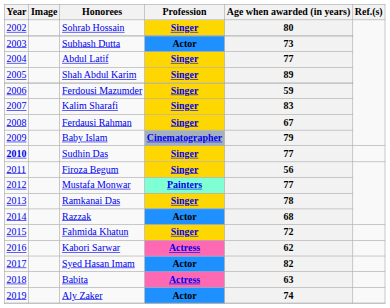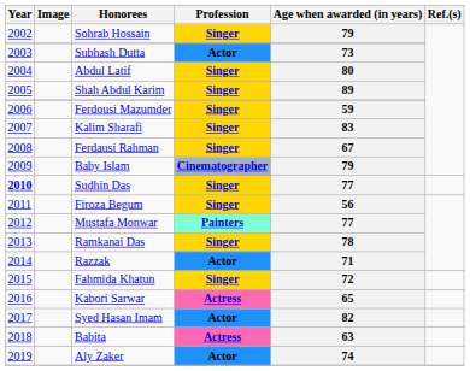 <table class="wikitable">
 <tr>
 <th>Year</th>
 <th>Image</th>
 <th>Honorees</th>
 <th>Profession</th>
 <th>Age when awarded (in years)</th>
 <th>Ref.(s)</th>
 </tr>
 <tr>
 <td><a href='#'>2002</a></td>
 <td></td>
 <td><a href='#'>Sohrab Hossain</a></td>
 <th style="background:Gold;"><a href='#'>Singer</a></th>
-<th align=center>80</th>
+<th align=center>79</th>
 </tr>
 <tr>
 </tr>
 <tr>
 <td><a href='#'>2003</a></td>
 <td></td>
 <td><a href='#'>Subhash Dutta</a></td>
 <th style="background:DodgerBlue;">Actor</th>
 <th align=center>73</th>
 </tr>
 <tr>
 <td><a href='#'>2004</a></td>
 <td></td>
 <td><a href='#'>Abdul Latif</a></td>
 <th style="background:Gold;"><a href='#'>Singer</a></th>
-<th align=center>77</th>
+<th align=center>80</th>
 </tr>
 <tr>
 <td><a href='#'>2005</a></td>
 <td></td>
 <td><a href='#'>Shah Abdul Karim</a></td>
 <th style="background:Gold;"><a href='#'>Singer</a></th>
 <th align=center>89</th>
 </tr>
 <tr>
 </tr>
 <tr>
 <td><a href='#'>2006</a></td>
 <td></td>
 <td><a href='#'>Ferdousi Mazumder</a></td>
 <th style="background:Gold;"><a href='#'>Singer</a></th>
 <th align=center>59</th>
 </tr>
 <tr>
 <td><a href='#'>2007</a></td>
 <td></td>
 <td><a href='#'>Kalim Sharafi</a></td>
 <th style="background:Gold;"><a href='#'>Singer</a></th>
 <th align=center>83</th>
 </tr>
 <tr>
 <td><a href='#'>2008</a></td>
 <td></td>
 <td><a href='#'>Ferdausi Rahman</a></td>
 <th style="background:Gold;"><a href='#'>Singer</a></th>
 <th align=center>67</th>
 </tr>
 <tr>
 <td><a href='#'>2009</a></td>
 <td></td>
 <td><a href='#'>Baby Islam</a></td>
 <th style="background:#a3b0bf;"><a href='#'>Cinematographer</a></th>
 <th align=center>79</th>
 </tr>
 <tr>
 <td><strong><a href='#'>2010</a></strong></td>
 <td></td>
 <td><a href='#'>Sudhin Das</a></td>
 <th style="background:Gold;"><a href='#'>Singer</a></th>
 <th align=center>77</th>
 <td></td>
 </tr>
 <tr>
 <td><a href='#'>2011</a></td>
 <td></td>
 <td><a href='#'>Firoza Begum</a></td>
 <th style="background:Gold;"><a href='#'>Singer</a></th>
 <th align=center>56</th>
 </tr>
 <tr>
 <td><a href='#'>2012</a></td>
 <td></td>
 <td><a href='#'>Mustafa Monwar</a></td>
 <th style="background:Aquamarine;"><a href='#'>Painters</a></th>
 <th align=center>77</th>
 </tr>
 <tr>
 <td><a href='#'>2013</a></td>
 <td></td>
 <td><a href='#'>Ramkanai Das</a></td>
 <th style="background:Gold;"><a href='#'>Singer</a></th>
 <th align=center>78</th>
 </tr>
 <tr>
 <td><a href='#'>2014</a></td>
 <td></td>
 <td><a href='#'>Razzak</a></td>
 <th style="background:DodgerBlue;">Actor</th>
-<th align=center>68</th>
+<th align=center>71</th>
 </tr>
 <tr>
 <td><a href='#'>2015</a></td>
 <td></td>
 <td><a href='#'>Fahmida Khatun</a></td>
 <th style="background:Gold;"><a href='#'>Singer</a></th>
 <th align=center>72</th>
 <td></td>
 </tr>
 <tr>
 <td><a href='#'>2016</a></td>
 <td></td>
 <td><a href='#'>Kabori Sarwar</a></td>
 <th style="background:HotPink;"><a href='#'>Actress</a></th>
-<th align=center>62</th>
+<th align=center>65</th>
 </tr>
 <tr>
 <td><a href='#'>2017</a></td>
 <td></td>
 <td><a href='#'>Syed Hasan Imam</a></td>
 <th style="background:DodgerBlue;">Actor</th>
 <th align=center>82</th>
 <td></td>
 </tr>
 <tr>
 <td><a href='#'>2018</a></td>
 <td></td>
 <td><a href='#'>Babita</a></td>
 <th style="background:HotPink;"><a href='#'>Actress</a></th>
 <th align=center>63</th>
 <td></td>
 </tr>
 <tr>
 <td><a href='#'>2019</a></td>
 <td></td>
 <td><a href='#'>Aly Zaker</a></td>
 <th style="background:DodgerBlue;">Actor</th>
 <th align=center>74</th>
 <td></td>
 </tr>
 <tr>
 </tr>
 </table>
